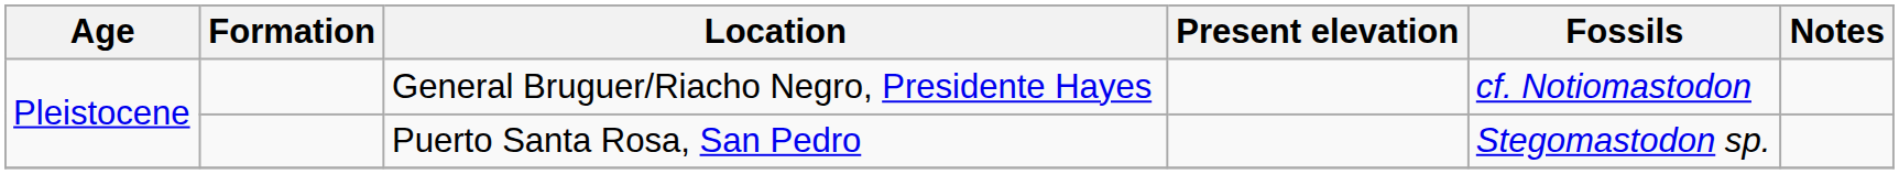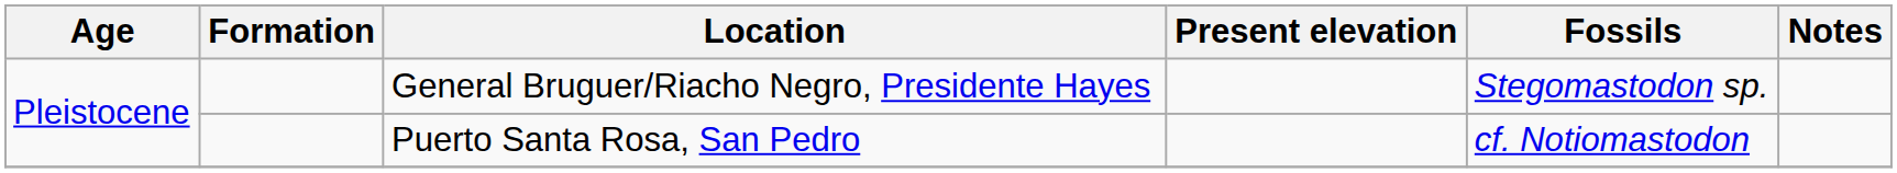 <table class="wikitable sortable" style="width: 70%;">
 <tr>
 <th>Age</th>
 <th>Formation</th>
 <th>Location</th>
 <th>Present elevation</th>
 <th>Fossils</th>
 <th class="unsortable">Notes</th>
 </tr>
 <tr>
 <td rowspan=2 style="background-color: "><a href='#'>Pleistocene</a></td>
 <td></td>
 <td>General Bruguer/Riacho Negro, <a href='#'>Presidente Hayes</a></td>
 <td></td>
-<td><em><a href='#'>cf. Notiomastodon</a></em></td>
+<td><em><a href='#'>Stegomastodon</a> sp.</em></td>
 <td></td>
 </tr>
 <tr>
 <td></td>
 <td>Puerto Santa Rosa, <a href='#'>San Pedro</a></td>
 <td></td>
-<td><em><a href='#'>Stegomastodon</a> sp.</em></td>
+<td><em><a href='#'>cf. Notiomastodon</a></em></td>
 <td></td>
 </tr>
 <tr>
 </tr>
 </table>
